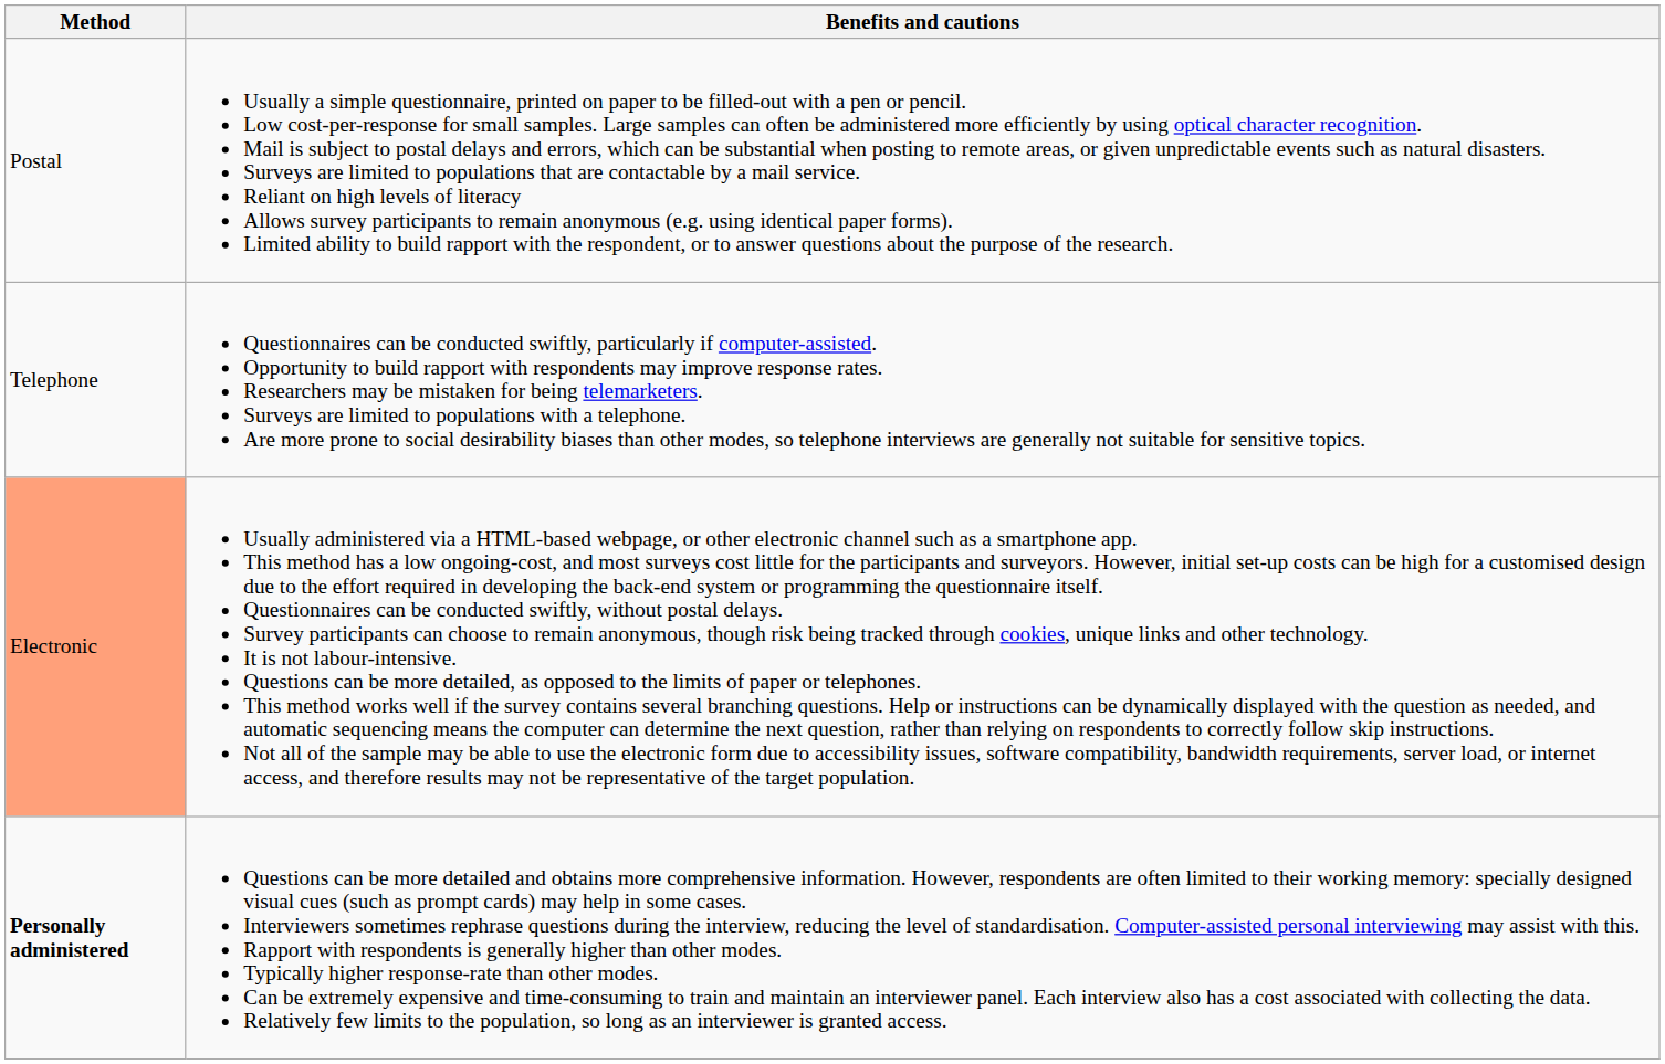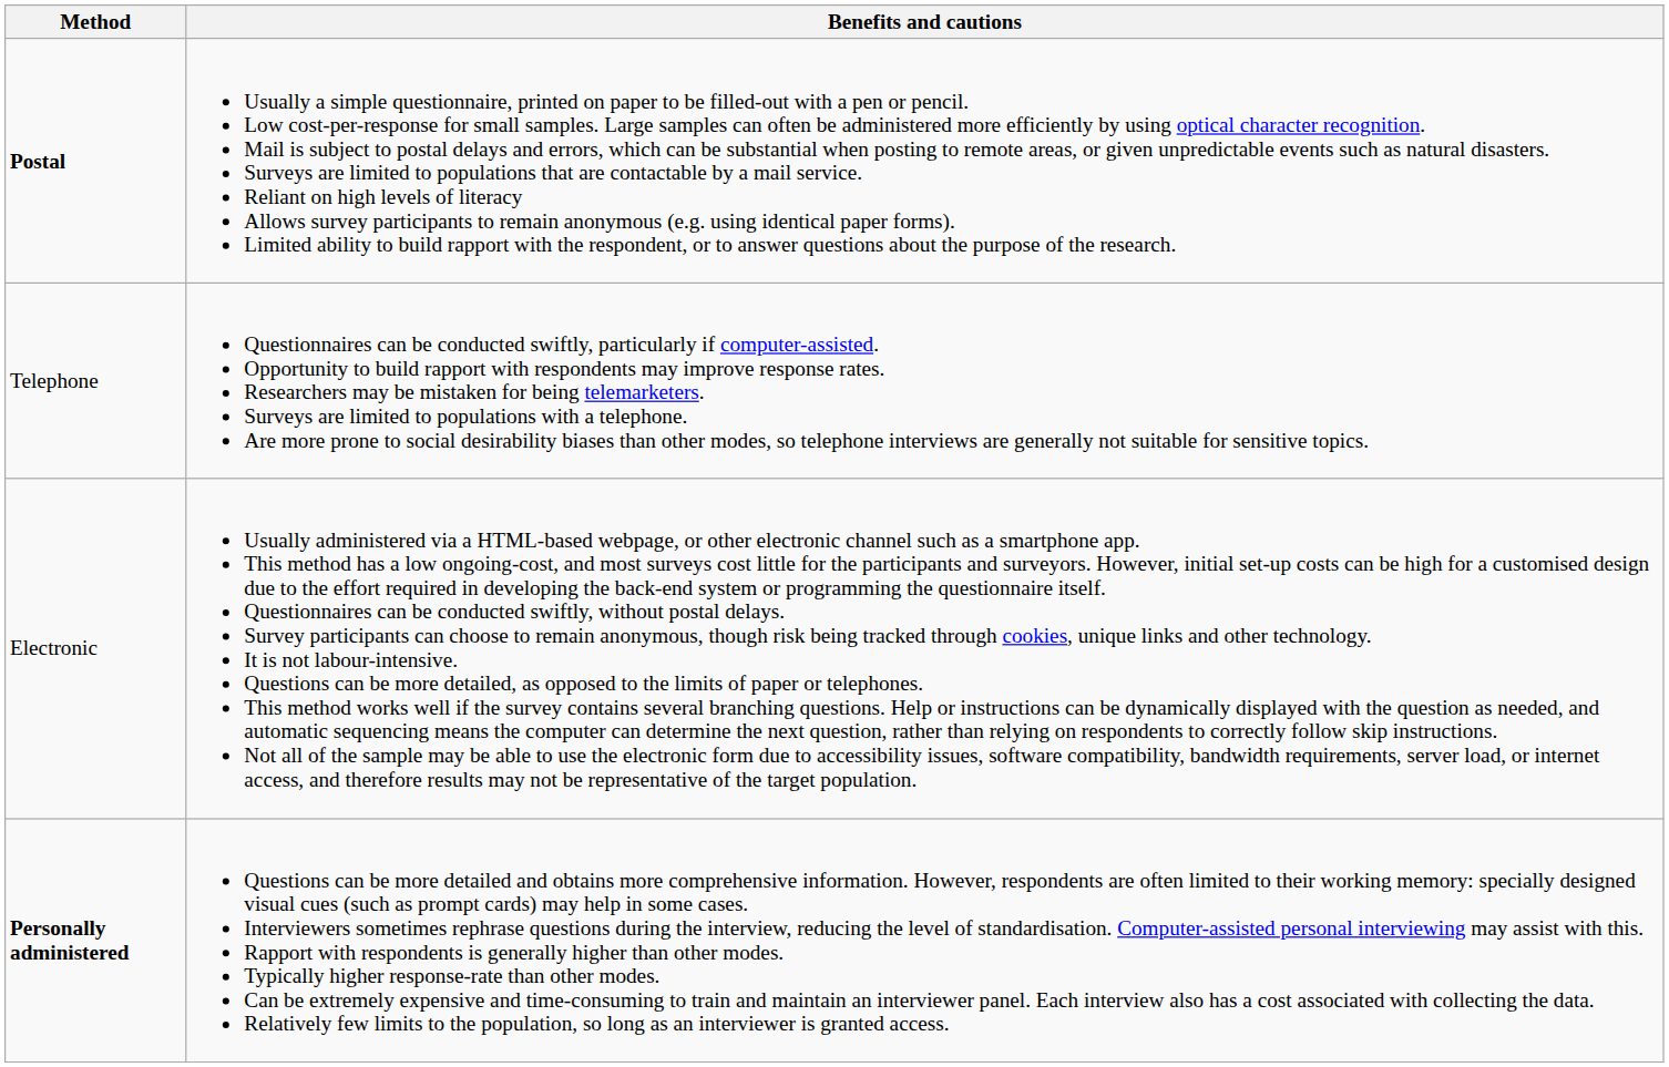 <table class="wikitable" |>
 <tr>
 <th>Method</th>
 <th>Benefits and cautions</th>
 </tr>
 <tr>
-<td>Postal</td>
+<td><strong>Postal</strong></td>
 <td><br><ul><li>Usually a simple questionnaire, printed on paper to be filled-out with a pen or pencil.</li><li>Low cost-per-response for small samples. Large samples can often be administered more efficiently by using <a href='#'>optical character recognition</a>.</li><li>Mail is subject to postal delays and errors, which can be substantial when posting to remote areas, or given unpredictable events such as natural disasters.</li><li>Surveys are limited to populations that are contactable by a mail service.</li><li>Reliant on high levels of literacy</li><li>Allows survey participants to remain anonymous (e.g. using identical paper forms).</li><li>Limited ability to build rapport with the respondent, or to answer questions about the purpose of the research.</li></ul></td>
 </tr>
 <tr>
 <td>Telephone</td>
 <td><br><ul><li>Questionnaires can be conducted swiftly, particularly if <a href='#'>computer-assisted</a>.</li><li>Opportunity to build rapport with respondents may improve response rates.</li><li>Researchers may be mistaken for being <a href='#'>telemarketers</a>.</li><li>Surveys are limited to populations with a telephone.</li><li>Are more prone to social desirability biases than other modes, so telephone interviews are generally not suitable for sensitive topics.</li></ul></td>
 </tr>
 <tr>
-<td style="background: lightsalmon;">Electronic</td>
+<td>Electronic</td>
 <td><br><ul><li>Usually administered via a HTML-based webpage, or other electronic channel such as a smartphone app.</li><li>This method has a low ongoing-cost, and most surveys cost little for the participants and surveyors. However, initial set-up costs can be high for a customised design due to the effort required in developing the back-end system or programming the questionnaire itself.</li><li>Questionnaires can be conducted swiftly, without postal delays.</li><li>Survey participants can choose to remain anonymous, though risk being tracked through <a href='#'>cookies</a>, unique links and other technology.</li><li>It is not labour-intensive.</li><li>Questions can be more detailed, as opposed to the limits of paper or telephones.</li><li>This method works well if the survey contains several branching questions. Help or instructions can be dynamically displayed with the question as needed, and automatic sequencing means the computer can determine the next question, rather than relying on respondents to correctly follow skip instructions.</li><li>Not all of the sample may be able to use the electronic form due to accessibility issues, software compatibility, bandwidth requirements, server load, or internet access, and therefore results may not be representative of the target population.</li></ul></td>
 </tr>
 <tr>
 <td><strong>Personally administered</strong></td>
 <td><br><ul><li>Questions can be more detailed and obtains more comprehensive information. However, respondents are often limited to their working memory: specially designed visual cues (such as prompt cards) may help in some cases.</li><li>Interviewers sometimes rephrase questions during the interview, reducing the level of standardisation. <a href='#'>Computer-assisted personal interviewing</a> may assist with this.</li><li>Rapport with respondents is generally higher than other modes.</li><li>Typically higher response-rate than other modes.</li><li>Can be extremely expensive and time-consuming to train and maintain an interviewer panel. Each interview also has a cost associated with collecting the data.</li><li>Relatively few limits to the population, so long as an interviewer is granted access.</li></ul></td>
 </tr>
 </table>
